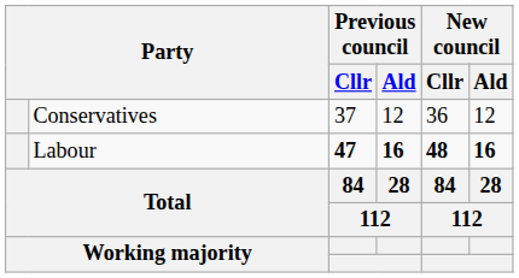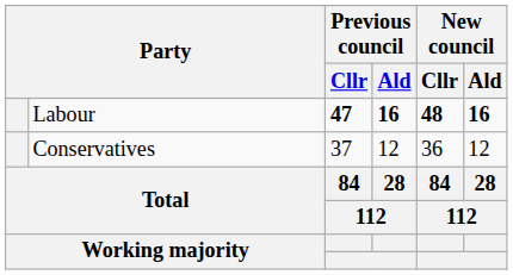 <table class="wikitable">
 <tr>
 <th colspan="2" rowspan="2" style="width: 230px">Party</th>
 <th valign=top colspan="2" style="width: 30px">Previous council</th>
 <th valign=top colspan="2" style="width: 30px">New council</th>
 </tr>
 <tr>
 <th><a href='#'>Cllr</a></th>
 <th><a href='#'>Ald</a></th>
 <th>Cllr</th>
 <th>Ald</th>
 </tr>
 <tr>
 <th style="background-color: "></th>
+<td>Labour</td>
+<td><strong>47</strong></td>
+<td><strong>16</strong></td>
+<td><strong>48</strong></td>
+<td><strong>16</strong></td>
+</tr>
+<tr>
+<th style="background-color: "></th>
 <td>Conservatives</td>
 <td>37</td>
 <td>12</td>
 <td>36</td>
 <td>12</td>
-</tr>
-<tr>
-<th style="background-color: "></th>
-<td>Labour</td>
-<td><strong>47</strong></td>
-<td><strong>16</strong></td>
-<td><strong>48</strong></td>
-<td><strong>16</strong></td>
 </tr>
 <tr>
 <th colspan="2" rowspan="2">Total</th>
 <th style="text-align: center">84</th>
 <th style="text-align: center">28</th>
 <th style="text-align: center">84</th>
 <th style="text-align: center">28</th>
 </tr>
 <tr>
 <th colspan="2" style="text-align: center">112</th>
 <th colspan="2" style="text-align: center">112</th>
 </tr>
 <tr>
 <th colspan="2" rowspan="2">Working majority</th>
 <th></th>
 <th></th>
 <th></th>
 <th></th>
 </tr>
 <tr>
 <th colspan="2"></th>
 <th colspan="2"></th>
 </tr>
 </table>
